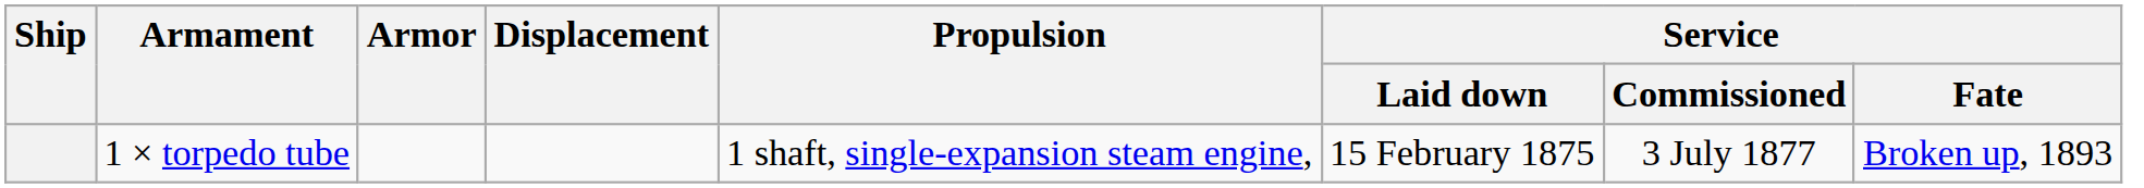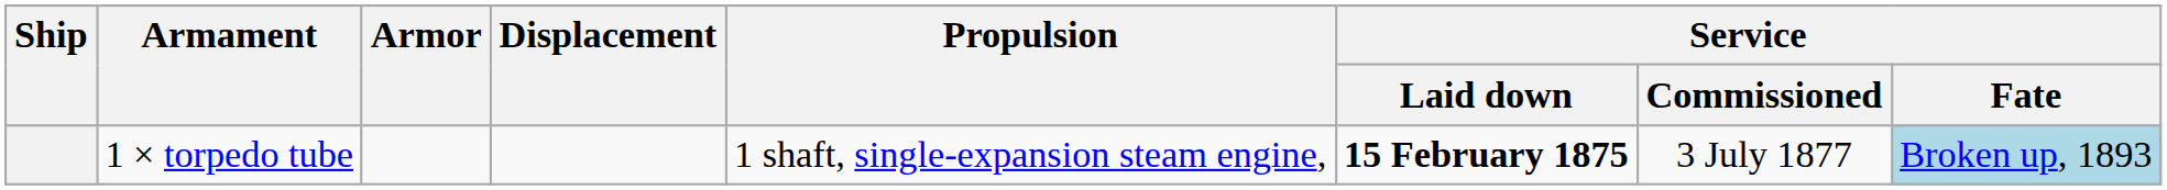 <table class="wikitable plainrowheaders" style="text-align: center;">
 <tr valign="top">
 <th scope="col" rowspan="2">Ship</th>
 <th scope="col" rowspan="2">Armament</th>
 <th scope="col" rowspan="2">Armor</th>
 <th scope="col" rowspan="2">Displacement</th>
 <th scope="col" rowspan="2">Propulsion</th>
 <th scope="col" colspan="3">Service</th>
 </tr>
 <tr valign="top">
 <th scope="col">Laid down</th>
 <th scope="col">Commissioned</th>
 <th scope="col">Fate</th>
 </tr>
 <tr valign="center">
 <th scope="row"></th>
 <td>1 ×  <a href='#'>torpedo tube</a></td>
 <td></td>
 <td></td>
 <td>1 shaft, <a href='#'>single-expansion steam engine</a>, </td>
-<td>15 February 1875</td>
+<td><strong>15 February 1875</strong></td>
 <td>3 July 1877</td>
-<td><a href='#'>Broken up</a>, 1893</td>
+<td style="background: lightblue;"><a href='#'>Broken up</a>, 1893</td>
 </tr>
 </table>
